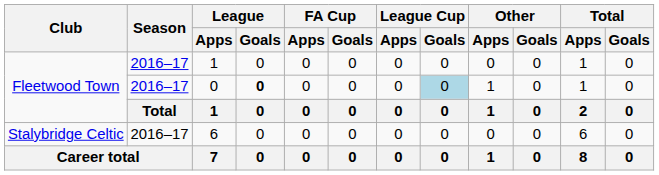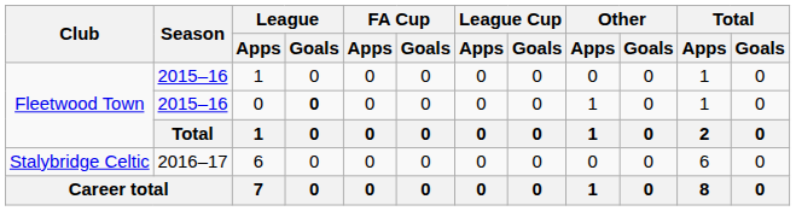 <table class="wikitable" style="text-align: center;">
 <tr>
 <th rowspan="2">Club</th>
 <th rowspan="2">Season</th>
 <th colspan="2">League</th>
 <th colspan="2">FA Cup</th>
 <th colspan="2">League Cup</th>
 <th colspan="2">Other</th>
 <th colspan="2">Total</th>
 </tr>
 <tr>
 <th>Apps</th>
 <th>Goals</th>
 <th>Apps</th>
 <th>Goals</th>
 <th>Apps</th>
 <th>Goals</th>
 <th>Apps</th>
 <th>Goals</th>
 <th>Apps</th>
 <th>Goals</th>
 </tr>
 <tr>
 <td rowspan="3"><a href='#'>Fleetwood Town</a></td>
-<td><a href='#'>2016–17</a></td>
+<td><a href='#'>2015–16</a></td>
 <td>1</td>
 <td>0</td>
 <td>0</td>
 <td>0</td>
 <td>0</td>
 <td>0</td>
 <td>0</td>
 <td>0</td>
 <td>1</td>
 <td>0</td>
 </tr>
 <tr>
-<td><a href='#'>2016–17</a></td>
+<td><a href='#'>2015–16</a></td>
 <td>0</td>
 <td><strong>0</strong></td>
 <td>0</td>
 <td>0</td>
 <td>0</td>
-<td style="background: lightblue;">0</td>
+<td>0</td>
 <td>1</td>
 <td>0</td>
 <td>1</td>
 <td>0</td>
 </tr>
 <tr>
 <th>Total</th>
 <th>1</th>
 <th>0</th>
 <th>0</th>
 <th>0</th>
 <th>0</th>
 <th>0</th>
 <th>1</th>
 <th>0</th>
 <th>2</th>
 <th>0</th>
 </tr>
 <tr>
 <td rowspan="1"><a href='#'>Stalybridge Celtic</a></td>
 <td>2016–17</td>
 <td>6</td>
 <td>0</td>
 <td>0</td>
 <td>0</td>
 <td>0</td>
 <td>0</td>
 <td>0</td>
 <td>0</td>
 <td>6</td>
 <td>0</td>
 </tr>
 <tr>
 <th colspan="2">Career total</th>
 <th>7</th>
 <th>0</th>
 <th>0</th>
 <th>0</th>
 <th>0</th>
 <th>0</th>
 <th>1</th>
 <th>0</th>
 <th>8</th>
 <th>0</th>
 </tr>
 </table>
